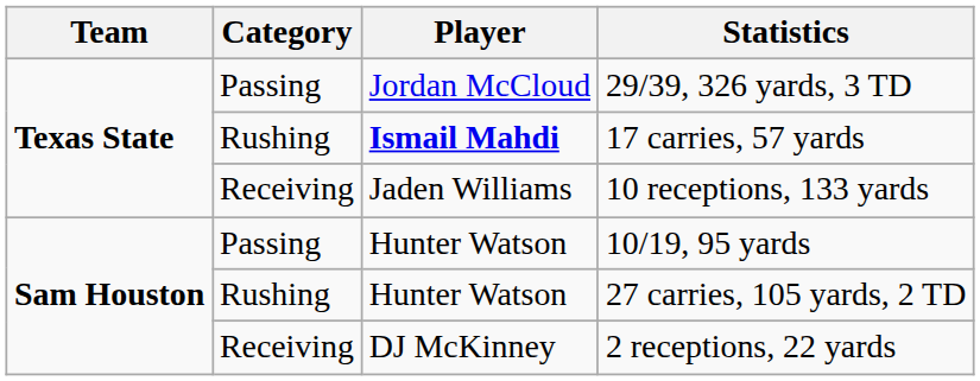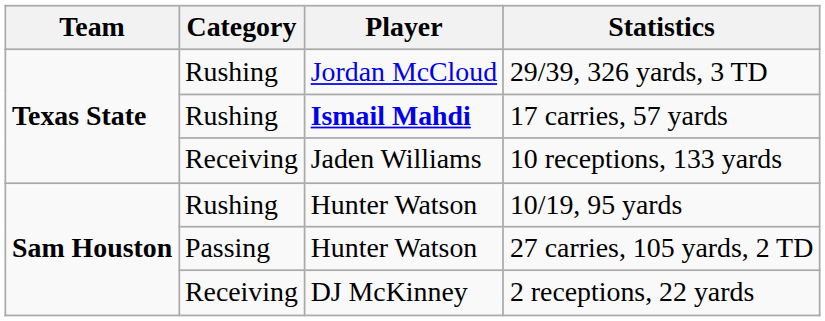 <table class="wikitable" style="float: right;">
 <tr>
 <th>Team</th>
 <th>Category</th>
 <th>Player</th>
 <th>Statistics</th>
 </tr>
 <tr>
 <td rowspan=3><strong>Texas State</strong></td>
-<td>Passing</td>
+<td>Rushing</td>
 <td><a href='#'>Jordan McCloud</a></td>
 <td>29/39, 326 yards, 3 TD</td>
 </tr>
 <tr>
 <td>Rushing</td>
 <td><strong><a href='#'>Ismail Mahdi</a></strong></td>
 <td>17 carries, 57 yards</td>
 </tr>
 <tr>
 <td>Receiving</td>
 <td>Jaden Williams</td>
 <td>10 receptions, 133 yards</td>
 </tr>
 <tr>
 <td rowspan=3><strong>Sam Houston</strong></td>
-<td>Passing</td>
+<td>Rushing</td>
 <td>Hunter Watson</td>
 <td>10/19, 95 yards</td>
 </tr>
 <tr>
-<td>Rushing</td>
+<td>Passing</td>
 <td>Hunter Watson</td>
 <td>27 carries, 105 yards, 2 TD</td>
 </tr>
 <tr>
 <td>Receiving</td>
 <td>DJ McKinney</td>
 <td>2 receptions, 22 yards</td>
 </tr>
 </table>
